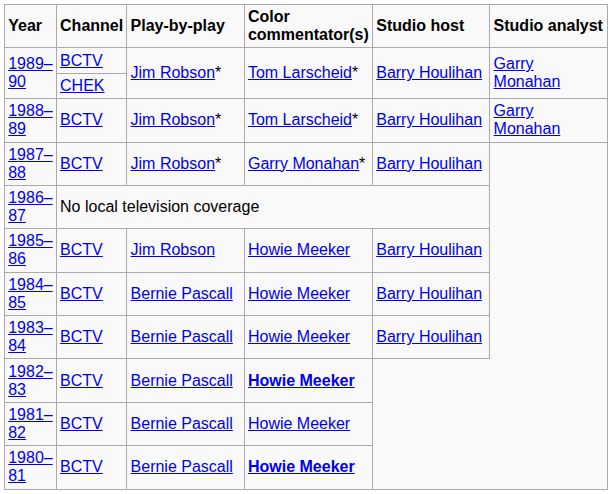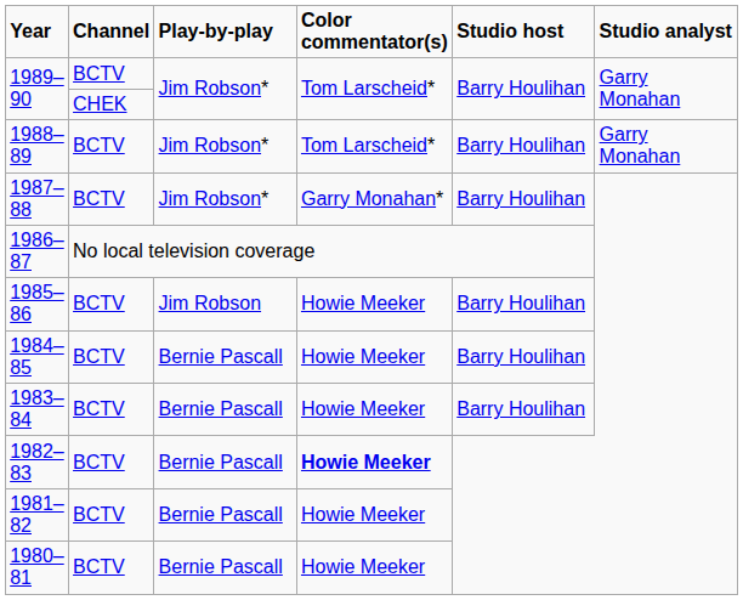 <table class="wikitable">
 <tr>
 <td style="width:40px;"><strong>Year</strong></td>
 <td style="width:40px;"><strong>Channel</strong></td>
 <td style="width:110px;"><strong>Play-by-play</strong></td>
 <td style="width:110px;"><strong>Color commentator(s)</strong></td>
 <td style="width:110px;"><strong>Studio host</strong></td>
 <td style="width:110px;"><strong>Studio analyst</strong></td>
 </tr>
 <tr>
 <td rowspan="2"><a href='#'>1989–90</a></td>
 <td><a href='#'>BCTV</a></td>
 <td rowspan="2"><a href='#'>Jim Robson</a>*</td>
 <td rowspan="2"><a href='#'>Tom Larscheid</a>*</td>
 <td rowspan="2"><a href='#'>Barry Houlihan</a></td>
 <td rowspan="2"><a href='#'>Garry Monahan</a></td>
 </tr>
 <tr>
 <td><a href='#'>CHEK</a></td>
 </tr>
 <tr>
 <td><a href='#'>1988–89</a></td>
 <td><a href='#'>BCTV</a></td>
 <td><a href='#'>Jim Robson</a>*</td>
 <td><a href='#'>Tom Larscheid</a>*</td>
 <td><a href='#'>Barry Houlihan</a></td>
 <td><a href='#'>Garry Monahan</a></td>
 </tr>
 <tr>
 <td><a href='#'>1987–88</a></td>
 <td><a href='#'>BCTV</a></td>
 <td><a href='#'>Jim Robson</a>*</td>
 <td><a href='#'>Garry Monahan</a>*</td>
 <td><a href='#'>Barry Houlihan</a></td>
 </tr>
 <tr>
 <td><a href='#'>1986–87</a></td>
 <td colspan="4">No local television coverage</td>
 </tr>
 <tr>
 <td><a href='#'>1985–86</a></td>
 <td><a href='#'>BCTV</a></td>
 <td><a href='#'>Jim Robson</a></td>
 <td><a href='#'>Howie Meeker</a></td>
 <td><a href='#'>Barry Houlihan</a></td>
 </tr>
 <tr>
 <td><a href='#'>1984–85</a></td>
 <td><a href='#'>BCTV</a></td>
 <td><a href='#'>Bernie Pascall</a></td>
 <td><a href='#'>Howie Meeker</a></td>
 <td><a href='#'>Barry Houlihan</a></td>
 </tr>
 <tr>
 <td><a href='#'>1983–84</a></td>
 <td><a href='#'>BCTV</a></td>
 <td><a href='#'>Bernie Pascall</a></td>
 <td><a href='#'>Howie Meeker</a></td>
 <td><a href='#'>Barry Houlihan</a></td>
 </tr>
 <tr>
 <td><a href='#'>1982–83</a></td>
 <td><a href='#'>BCTV</a></td>
 <td><a href='#'>Bernie Pascall</a></td>
 <td><strong><a href='#'>Howie Meeker</a></strong></td>
 </tr>
 <tr>
 <td><a href='#'>1981–82</a></td>
 <td><a href='#'>BCTV</a></td>
 <td><a href='#'>Bernie Pascall</a></td>
 <td><a href='#'>Howie Meeker</a></td>
 </tr>
 <tr>
 <td><a href='#'>1980–81</a></td>
 <td><a href='#'>BCTV</a></td>
 <td><a href='#'>Bernie Pascall</a></td>
-<td><strong><a href='#'>Howie Meeker</a></strong></td>
+<td><a href='#'>Howie Meeker</a></td>
 </tr>
 </table>
